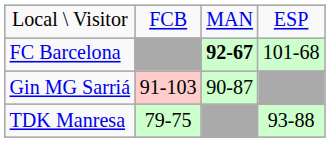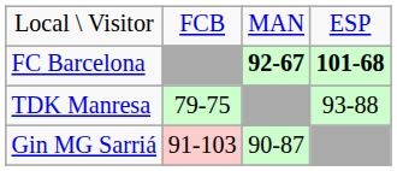 <table class="wikitable" style="text-align:center; font-size:80%; display:inline-table;">
 <tr>
 <td>Local \ Visitor</td>
 <td><a href='#'>FCB</a></td>
 <td><a href='#'>MAN</a></td>
 <td><a href='#'>ESP</a></td>
 </tr>
 <tr>
 <td align=left><a href='#'>FC Barcelona</a></td>
 <td style="background:#AAAAAA"></td>
 <td style="background:#CFC"><strong>92-67</strong></td>
-<td style="background:#CFC">101-68</td>
+<td style="background:#CFC"><strong>101-68</strong></td>
+</tr>
+<tr>
+<td align=left><a href='#'>TDK Manresa</a></td>
+<td style="background:#CFC">79-75</td>
+<td style="background:#AAAAAA"></td>
+<td style="background:#CFC">93-88</td>
 </tr>
 <tr>
 <td align=left><a href='#'>Gin MG Sarriá</a></td>
 <td style="background:#FCC">91-103</td>
 <td style="background:#CFC">90-87</td>
 <td style="background:#AAAAAA"></td>
 </tr>
-<tr>
-<td align=left><a href='#'>TDK Manresa</a></td>
-<td style="background:#CFC">79-75</td>
-<td style="background:#AAAAAA"></td>
-<td style="background:#CFC">93-88</td>
-</tr>
 </table>
